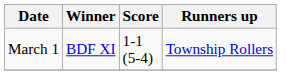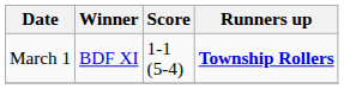 <table class="wikitable sortable plainrowheaders">
 <tr>
 <th scope="col">Date</th>
 <th scope="col">Winner</th>
 <th scope="col">Score</th>
 <th scope="col">Runners up</th>
 </tr>
 <tr>
 <td>March 1</td>
 <td><a href='#'>BDF XI</a></td>
 <td>1-1<br>(5-4)</td>
-<td><a href='#'>Township Rollers</a></td>
+<td><strong><a href='#'>Township Rollers</a></strong></td>
 </tr>
 <tr>
 </tr>
 </table>
